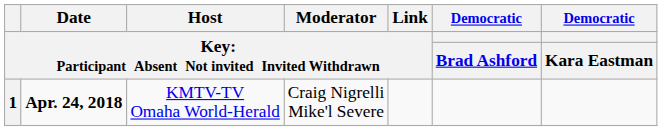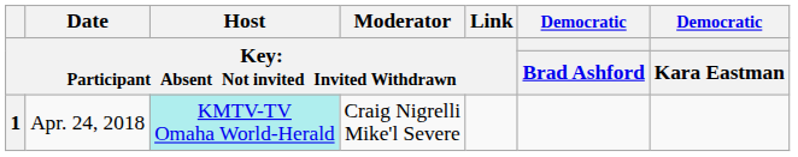 <table class="wikitable" style="text-align:center;">
 <tr>
 <th scope="col"></th>
 <th scope="col">Date</th>
 <th scope="col">Host</th>
 <th scope="col">Moderator</th>
 <th scope="col">Link</th>
 <th scope="col"><small><a href='#'>Democratic</a></small></th>
 <th scope="col"><small><a href='#'>Democratic</a></small></th>
 </tr>
 <tr>
 <th colspan="5" rowspan="2">Key:<br> <small>Participant </small>  <small>Absent </small>  <small>Not invited </small>  <small>Invited  Withdrawn</small></th>
 <th scope="col" style="background:"></th>
 <th scope="col" style="background:"></th>
 </tr>
 <tr>
 <th scope="col"><a href='#'>Brad Ashford</a></th>
 <th scope="col">Kara Eastman</th>
 </tr>
 <tr>
 <th>1</th>
-<td style="white-space:nowrap;"><strong>Apr. 24, 2018</strong></td>
-<td style="white-space:nowrap;"><a href='#'>KMTV-TV</a><br><a href='#'>Omaha World-Herald</a></td>
+<td style="white-space:nowrap;">Apr. 24, 2018</td>
+<td style="background: paleturquoise; white-space:nowrap;"><a href='#'>KMTV-TV</a><br><a href='#'>Omaha World-Herald</a></td>
 <td style="white-space:nowrap;">Craig Nigrelli<br>Mike'l Severe</td>
 <td style="white-space:nowrap;"></td>
 <td></td>
 <td></td>
 </tr>
 </table>
